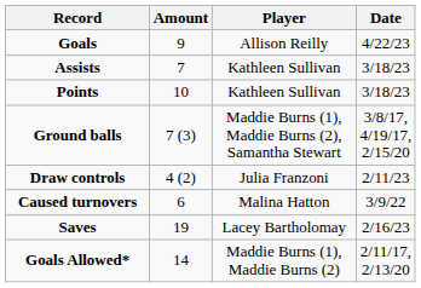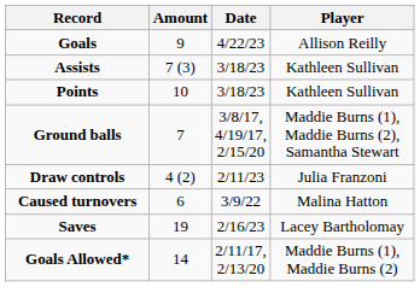 <table class="wikitable">
 <tr>
 <th style="width:140px; ">Record</th>
 <th style="width:35px; ">Amount</th>
+<th style="width:50px; ">Date</th>
 <th style="width:140px; ">Player</th>
-<th style="width:50px; ">Date</th>
 </tr>
 <tr style="text-align:center;">
 <td><strong>Goals</strong></td>
 <td>9</td>
+<td>4/22/23</td>
 <td>Allison Reilly</td>
-<td>4/22/23</td>
 </tr>
 <tr style="text-align:center;">
 <td><strong>Assists</strong></td>
-<td>7</td>
+<td>7 (3)</td>
+<td>3/18/23</td>
 <td>Kathleen Sullivan</td>
-<td>3/18/23</td>
 </tr>
 <tr style="text-align:center;">
 <td><strong>Points</strong></td>
 <td>10</td>
+<td>3/18/23</td>
 <td>Kathleen Sullivan</td>
-<td>3/18/23</td>
 </tr>
 <tr style="text-align:center;">
 <td><strong>Ground balls</strong></td>
-<td>7 (3)</td>
+<td>7</td>
+<td>3/8/17, 4/19/17, 2/15/20</td>
 <td>Maddie Burns (1), Maddie Burns (2), Samantha Stewart</td>
-<td>3/8/17, 4/19/17, 2/15/20</td>
 </tr>
 <tr style="text-align:center;">
 <td><strong>Draw controls</strong></td>
 <td>4 (2)</td>
+<td>2/11/23</td>
 <td>Julia Franzoni</td>
-<td>2/11/23</td>
 </tr>
 <tr style="text-align:center;">
 <td><strong>Caused turnovers</strong></td>
 <td>6</td>
+<td>3/9/22</td>
 <td>Malina Hatton</td>
-<td>3/9/22</td>
 </tr>
 <tr style="text-align:center;">
 <td><strong>Saves</strong></td>
 <td>19</td>
+<td>2/16/23</td>
 <td>Lacey Bartholomay</td>
-<td>2/16/23</td>
 </tr>
 <tr style="text-align:center;">
 <td><strong>Goals Allowed*</strong></td>
 <td>14</td>
+<td>2/11/17, 2/13/20</td>
 <td>Maddie Burns (1), Maddie Burns (2)</td>
-<td>2/11/17, 2/13/20</td>
 </tr>
 </table>
